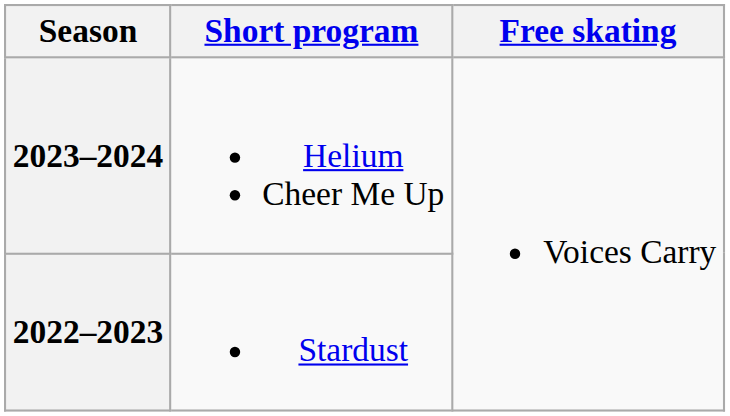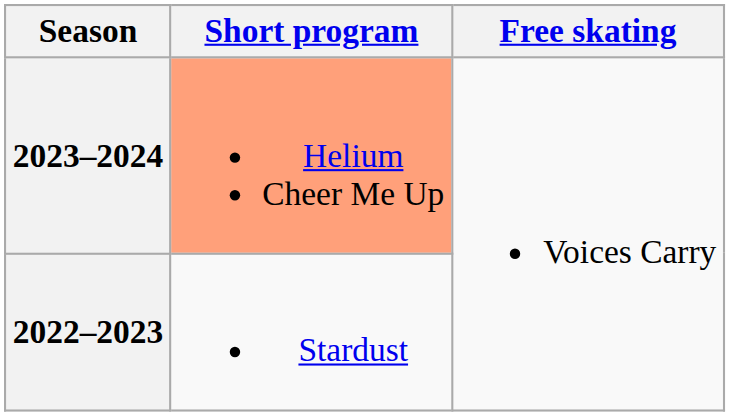 <table class="wikitable" style="text-align:center">
 <tr>
 <th>Season</th>
 <th><a href='#'>Short program</a></th>
 <th><a href='#'>Free skating</a></th>
 </tr>
 <tr>
 <th>2023–2024 <br> </th>
-<td><br><ul><li><a href='#'>Helium</a> <br> </li><li>Cheer Me Up <br></li></ul></td>
+<td style="background: lightsalmon;"><br><ul><li><a href='#'>Helium</a> <br> </li><li>Cheer Me Up <br></li></ul></td>
 <td rowspan=2><br><ul><li>Voices Carry <br> </li></ul></td>
 </tr>
 <tr>
 <th>2022–2023 <br> </th>
 <td><br><ul><li><a href='#'>Stardust</a> <br> </li></ul></td>
 </tr>
 </table>
